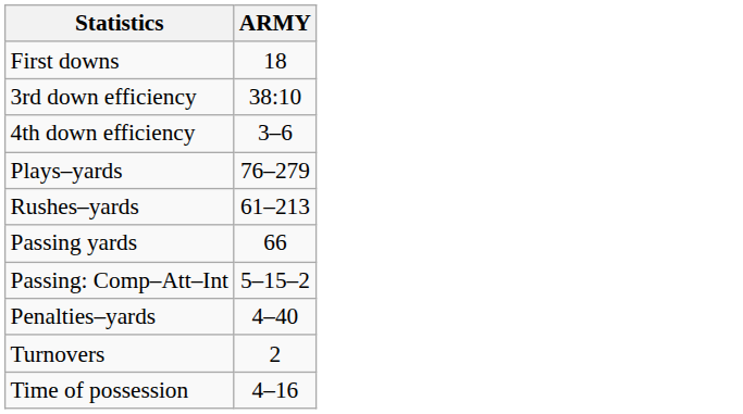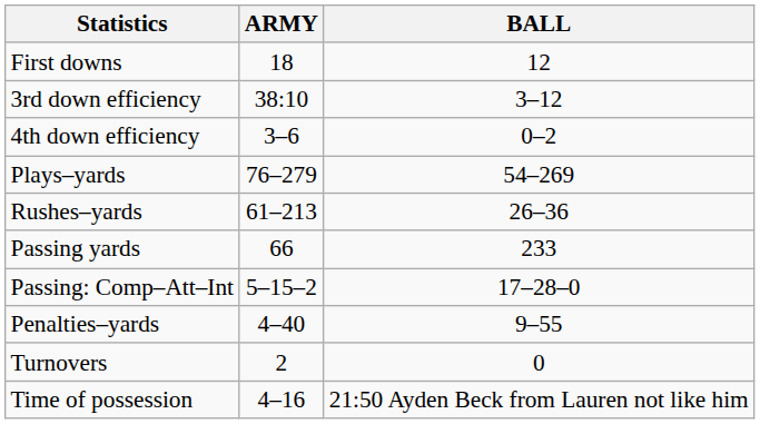 <table class="wikitable">
 <tr>
 <th>Statistics</th>
 <th>ARMY</th>
+<th>BALL</th>
 </tr>
 <tr>
 <td>First downs</td>
 <td align=center>18</td>
+<td align=center>12</td>
 </tr>
 <tr>
 <td>3rd down efficiency</td>
 <td align=center>38:10</td>
+<td align=center>3–12</td>
 </tr>
 <tr>
 <td>4th down efficiency</td>
 <td align=center>3–6</td>
+<td align=center>0–2</td>
 </tr>
 <tr>
 <td>Plays–yards</td>
 <td align=center>76–279</td>
+<td align=center>54–269</td>
 </tr>
 <tr>
 <td>Rushes–yards</td>
 <td align=center>61–213</td>
+<td align=center>26–36</td>
 </tr>
 <tr>
 <td>Passing yards</td>
 <td align=center>66</td>
+<td align=center>233</td>
 </tr>
 <tr>
 <td>Passing: Comp–Att–Int</td>
 <td align=center>5–15–2</td>
+<td align=center>17–28–0</td>
 </tr>
 <tr>
 <td>Penalties–yards</td>
 <td align=center>4–40</td>
+<td align=center>9–55</td>
 </tr>
 <tr>
 <td>Turnovers</td>
 <td align=center>2</td>
+<td align=center>0</td>
 </tr>
 <tr>
 <td>Time of possession</td>
 <td align=center>4–16</td>
+<td align=center>21:50 Ayden Beck  from Lauren not like him</td>
 </tr>
 </table>
